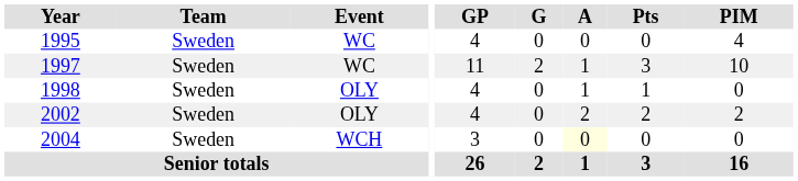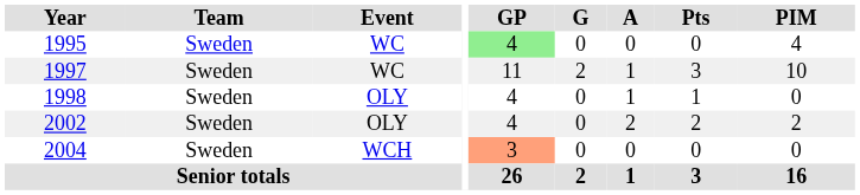 <table border="0" cellpadding="1" cellspacing="0" ID="Table3" style="text-align:center; width:40em">
 <tr bgcolor="#e0e0e0">
 <th>Year</th>
 <th>Team</th>
 <th>Event</th>
 <th rowspan="102" bgcolor="#ffffff"></th>
 <th>GP</th>
 <th>G</th>
 <th>A</th>
 <th>Pts</th>
 <th>PIM</th>
 </tr>
 <tr>
 <td><a href='#'>1995</a></td>
 <td><a href='#'>Sweden</a></td>
 <td><a href='#'>WC</a></td>
-<td>4</td>
+<td style="background: lightgreen;">4</td>
 <td>0</td>
 <td>0</td>
 <td>0</td>
 <td>4</td>
 </tr>
 <tr bgcolor="f0f0f0">
 <td><a href='#'>1997</a></td>
 <td>Sweden</td>
 <td>WC</td>
 <td>11</td>
 <td>2</td>
 <td>1</td>
 <td>3</td>
 <td>10</td>
 </tr>
 <tr>
 <td><a href='#'>1998</a></td>
 <td>Sweden</td>
 <td><a href='#'>OLY</a></td>
 <td>4</td>
 <td>0</td>
 <td>1</td>
 <td>1</td>
 <td>0</td>
 </tr>
 <tr bgcolor="f0f0f0">
 <td><a href='#'>2002</a></td>
 <td>Sweden</td>
 <td>OLY</td>
 <td>4</td>
 <td>0</td>
 <td>2</td>
 <td>2</td>
 <td>2</td>
 </tr>
 <tr>
 <td><a href='#'>2004</a></td>
 <td>Sweden</td>
 <td><a href='#'>WCH</a></td>
-<td>3</td>
+<td style="background: lightsalmon;">3</td>
 <td>0</td>
-<td style="background: lightyellow;">0</td>
+<td>0</td>
 <td>0</td>
 <td>0</td>
 </tr>
 <tr bgcolor="#e0e0e0">
 <th colspan=3>Senior totals</th>
 <th>26</th>
 <th>2</th>
 <th>1</th>
 <th>3</th>
 <th>16</th>
 </tr>
 </table>
